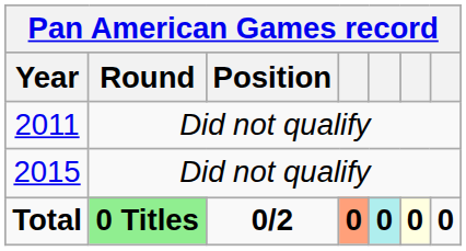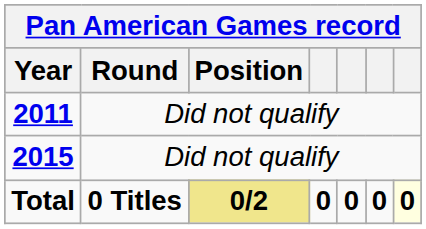 <table class="wikitable" style="text-align: center;">
 <tr>
 <th colspan=10><a href='#'>Pan American Games record</a></th>
 </tr>
 <tr>
 <th>Year</th>
 <th>Round</th>
 <th>Position</th>
 <th></th>
 <th></th>
 <th></th>
 <th></th>
 </tr>
 <tr>
-<td> <a href='#'>2011</a></td>
+<td><strong> <a href='#'>2011</a></strong></td>
 <td colspan="6" rowspan=1><em>Did not qualify</em></td>
 </tr>
 <tr>
-<td> <a href='#'>2015</a></td>
+<td><strong> <a href='#'>2015</a></strong></td>
 <td colspan="6" rowspan=1><em>Did not qualify</em></td>
 </tr>
 <tr>
 <td colspan=1><strong>Total</strong></td>
-<td style="background: lightgreen;"><strong>0 Titles</strong></td>
-<td><strong>0/2</strong></td>
-<td style="background: lightsalmon;"><strong>0</strong></td>
-<td style="background: paleturquoise;"><strong>0</strong></td>
+<td><strong>0 Titles</strong></td>
+<td style="background: khaki;"><strong>0/2</strong></td>
+<td><strong>0</strong></td>
+<td><strong>0</strong></td>
+<td><strong>0</strong></td>
 <td style="background: lightyellow;"><strong>0</strong></td>
-<td><strong>0</strong></td>
 </tr>
 </table>
